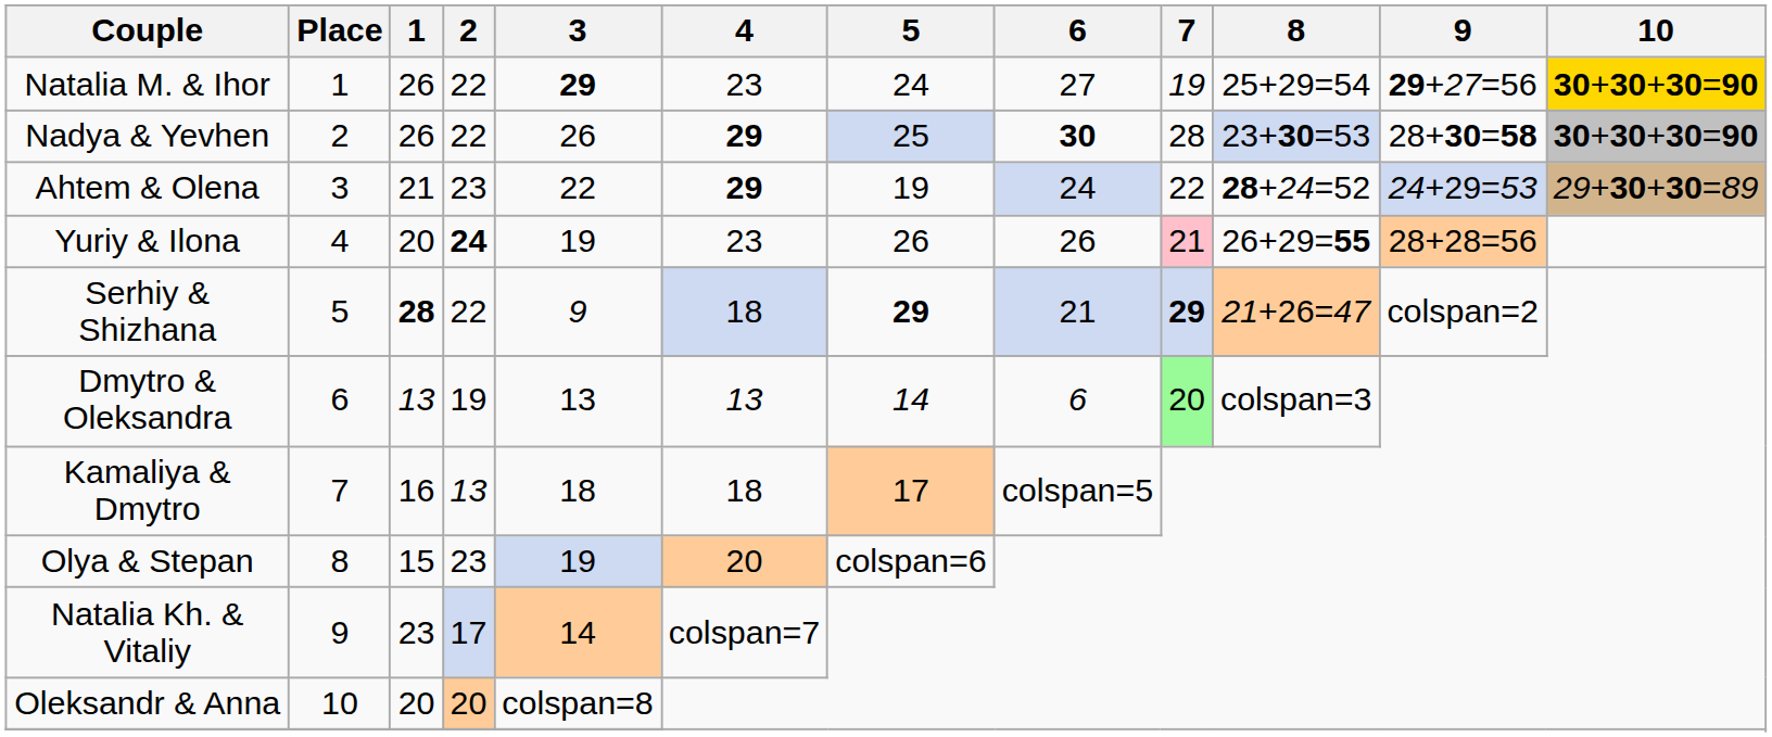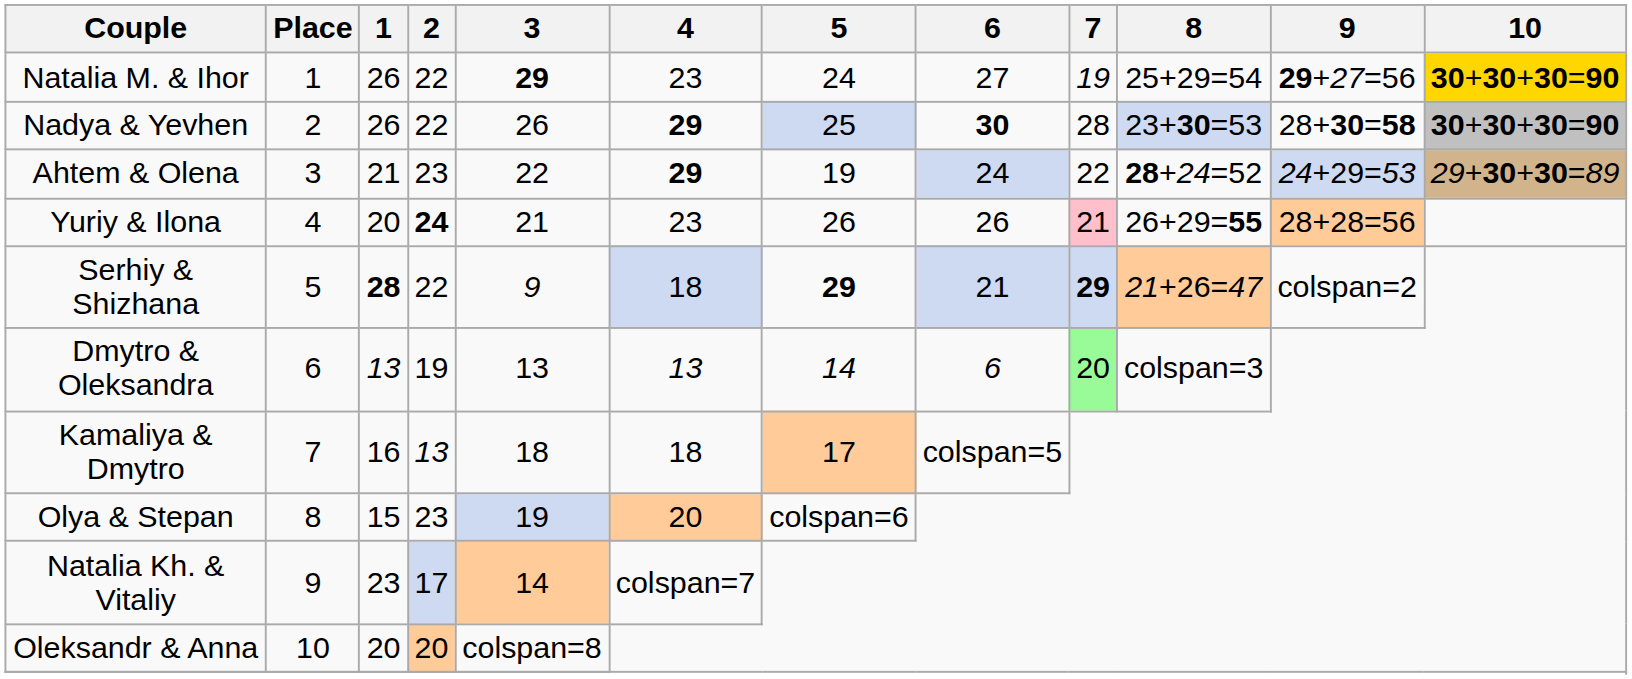 <table class="wikitable sortable" style="margin:auto; text-align: center; white-space:norwrap;">
 <tr>
 <th width="130">Couple</th>
 <th>Place</th>
 <th>1</th>
 <th>2</th>
 <th>3</th>
 <th>4</th>
 <th>5</th>
 <th>6</th>
 <th>7</th>
 <th>8</th>
 <th>9</th>
 <th>10</th>
 </tr>
 <tr>
 <td>Natalia M. & Ihor</td>
 <td>1</td>
 <td>26</td>
 <td>22</td>
 <td><span><strong>29</strong></span></td>
 <td>23</td>
 <td>24</td>
 <td>27</td>
 <td><span><em>19</em></span></td>
 <td>25+29=54</td>
 <td><span><strong>29</strong></span>+<span><em>27</em></span>=56</td>
 <td style="background:gold;"><span><strong>30</strong></span>+<span><strong>30</strong></span>+<span><strong>30</strong></span>=<span><strong>90</strong></span></td>
 </tr>
 <tr>
 <td>Nadya & Yevhen</td>
 <td>2</td>
 <td>26</td>
 <td>22</td>
 <td>26</td>
 <td><span><strong>29</strong></span></td>
 <td style="background:#CEDAF2;">25</td>
 <td><span><strong>30</strong></span></td>
 <td>28</td>
 <td style="background:#CEDAF2;">23+<span><strong>30</strong></span>=53</td>
 <td>28+<span><strong>30</strong></span>=<span><strong>58</strong></span></td>
 <td style="background:silver;"><span><strong>30</strong></span>+<span><strong>30</strong></span>+<span><strong>30</strong></span>=<span><strong>90</strong></span></td>
 </tr>
 <tr>
 <td>Ahtem & Olena</td>
 <td>3</td>
 <td>21</td>
 <td>23</td>
 <td>22</td>
 <td><span><strong>29</strong></span></td>
 <td>19</td>
 <td style="background:#CEDAF2;">24</td>
 <td>22</td>
 <td><span><strong>28</strong></span>+<span><em>24</em></span>=52</td>
 <td style="background:#CEDAF2;"><span><em>24</em></span>+29=<span><em>53</em></span></td>
 <td style="background:tan;"><span><em>29</em></span>+<span><strong>30</strong></span>+<span><strong>30</strong></span>=<span><em>89</em></span></td>
 </tr>
 <tr>
 <td>Yuriy & Ilona</td>
 <td>4</td>
 <td>20</td>
 <td><span><strong>24</strong></span></td>
-<td>19</td>
+<td>21</td>
 <td>23</td>
 <td>26</td>
 <td>26</td>
 <td style="background:pink;">21</td>
 <td>26+29=<span><strong>55</strong></span></td>
 <td style="background:#FFCC99;">28+28=56</td>
 <td></td>
 </tr>
 <tr>
 <td>Serhiy & Shizhana</td>
 <td>5</td>
 <td><span><strong>28</strong></span></td>
 <td>22</td>
 <td><span><em>9</em></span></td>
 <td style="background:#CEDAF2;">18</td>
 <td><span><strong>29</strong></span></td>
 <td style="background:#CEDAF2;">21</td>
 <td style="background:#CEDAF2;"><span><strong>29</strong></span></td>
 <td style="background:#FFCC99;"><span><em>21</em></span>+26=<span><em>47</em></span></td>
 <td>colspan=2 </td>
 </tr>
 <tr>
 <td>Dmytro & Oleksandra</td>
 <td>6</td>
 <td><span><em>13</em></span></td>
 <td>19</td>
 <td>13</td>
 <td><span><em>13</em></span></td>
 <td><span><em>14</em></span></td>
 <td><span><em>6</em></span></td>
 <td style="background:palegreen;">20</td>
 <td>colspan=3 </td>
 </tr>
 <tr>
 <td>Kamaliya & Dmytro</td>
 <td>7</td>
 <td>16</td>
 <td><span><em>13</em></span></td>
 <td>18</td>
 <td>18</td>
 <td style="background:#FFCC99;">17</td>
 <td>colspan=5 </td>
 </tr>
 <tr>
 <td>Olya & Stepan</td>
 <td>8</td>
 <td>15</td>
 <td>23</td>
 <td style="background:#CEDAF2;">19</td>
 <td style="background:#FFCC99;">20</td>
 <td>colspan=6 </td>
 </tr>
 <tr>
 <td>Natalia Kh. & Vitaliy</td>
 <td>9</td>
 <td>23</td>
 <td style="background:#CEDAF2;">17</td>
 <td style="background:#FFCC99;">14</td>
 <td>colspan=7 </td>
 </tr>
 <tr>
 <td>Oleksandr & Anna</td>
 <td>10</td>
 <td>20</td>
 <td style="background:#FFCC99;">20</td>
 <td>colspan=8 </td>
 </tr>
 <tr>
 </tr>
 </table>
